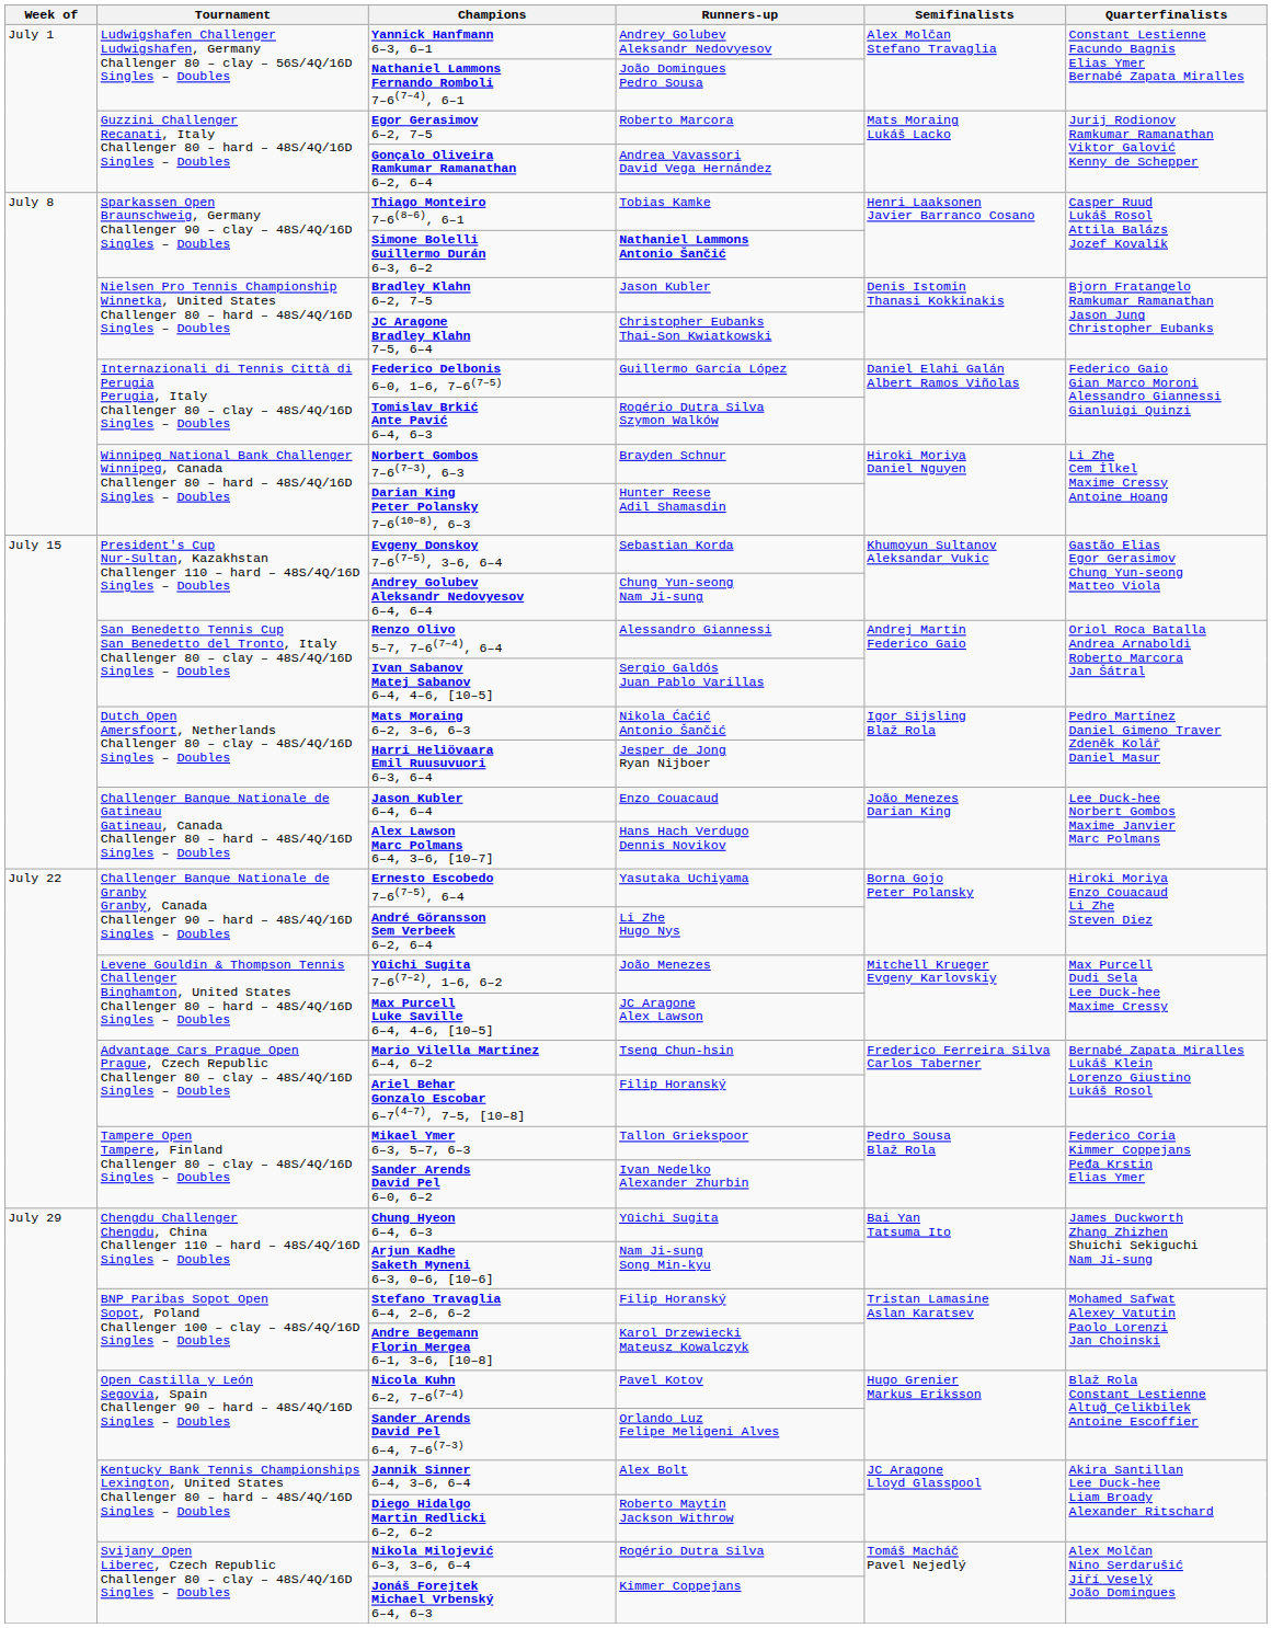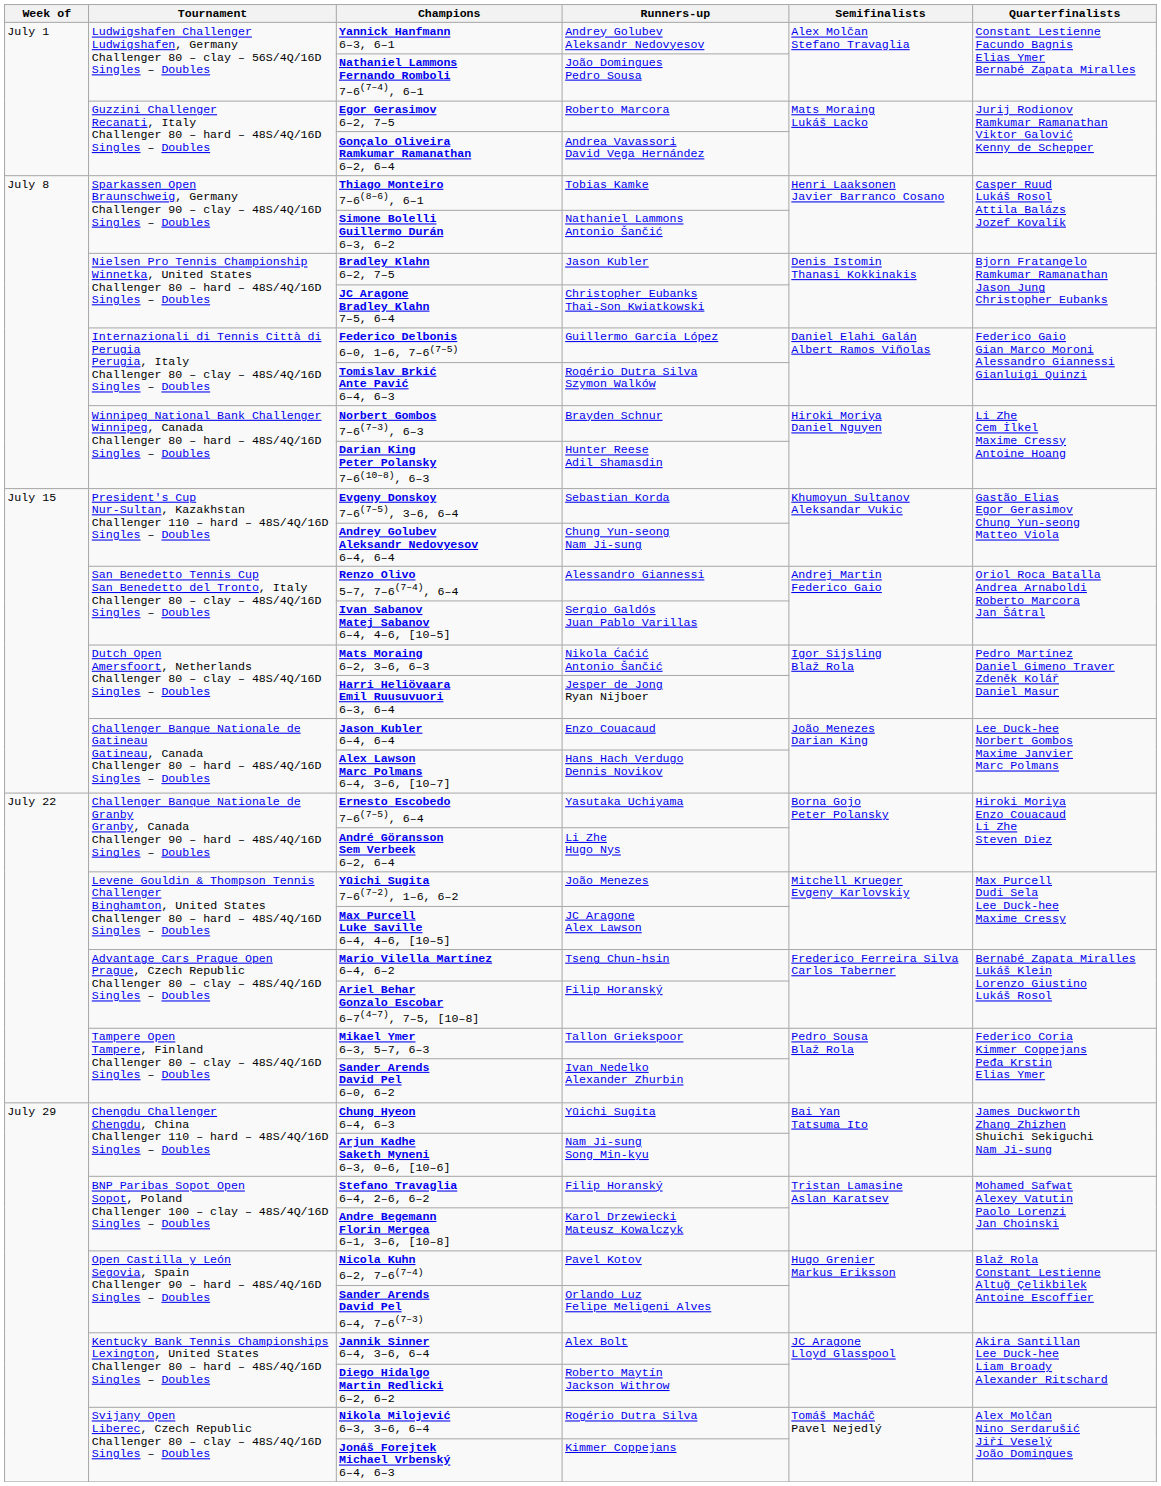 <table class="wikitable" style="font-size:85%;">
 <tr>
 <th width="75">Week of</th>
 <th width="230">Tournament</th>
 <th width="210">Champions</th>
 <th width="210">Runners-up</th>
 <th width="170">Semifinalists</th>
 <th width="170">Quarterfinalists</th>
 </tr>
 <tr valign=top>
 <td rowspan=4>July 1</td>
 <td rowspan=2><a href='#'>Ludwigshafen Challenger</a><br><a href='#'>Ludwigshafen</a>, Germany <br> Challenger 80 – clay – 56S/4Q/16D<br><a href='#'>Singles</a> – <a href='#'>Doubles</a></td>
 <td> <strong><a href='#'>Yannick Hanfmann</a></strong><br>6–3, 6–1</td>
 <td> <a href='#'>Andrey Golubev</a><br> <a href='#'>Aleksandr Nedovyesov</a></td>
 <td rowspan=2> <a href='#'>Alex Molčan</a> <br>  <a href='#'>Stefano Travaglia</a></td>
 <td rowspan=2> <a href='#'>Constant Lestienne</a> <br> <a href='#'>Facundo Bagnis</a> <br> <a href='#'>Elias Ymer</a> <br>  <a href='#'>Bernabé Zapata Miralles</a></td>
 </tr>
 <tr valign=top>
 <td> <strong><a href='#'>Nathaniel Lammons</a></strong><br> <strong><a href='#'>Fernando Romboli</a></strong><br>7–6<sup>(7–4)</sup>, 6–1</td>
 <td> <a href='#'>João Domingues</a><br> <a href='#'>Pedro Sousa</a></td>
 </tr>
 <tr valign=top>
 <td rowspan=2><a href='#'>Guzzini Challenger</a><br><a href='#'>Recanati</a>, Italy <br> Challenger 80 – hard – 48S/4Q/16D<br><a href='#'>Singles</a> – <a href='#'>Doubles</a></td>
 <td> <strong><a href='#'>Egor Gerasimov</a></strong><br>6–2, 7–5</td>
 <td> <a href='#'>Roberto Marcora</a></td>
 <td rowspan=2> <a href='#'>Mats Moraing</a> <br>  <a href='#'>Lukáš Lacko</a></td>
 <td rowspan=2> <a href='#'>Jurij Rodionov</a> <br> <a href='#'>Ramkumar Ramanathan</a> <br> <a href='#'>Viktor Galović</a> <br>  <a href='#'>Kenny de Schepper</a></td>
 </tr>
 <tr valign=top>
 <td> <strong><a href='#'>Gonçalo Oliveira</a></strong><br> <strong><a href='#'>Ramkumar Ramanathan</a></strong><br>6–2, 6–4</td>
 <td> <a href='#'>Andrea Vavassori</a><br> <a href='#'>David Vega Hernández</a></td>
 </tr>
 <tr valign=top>
 <td rowspan=8>July 8</td>
 <td rowspan=2><a href='#'>Sparkassen Open</a><br><a href='#'>Braunschweig</a>, Germany <br> Challenger 90 – clay – 48S/4Q/16D<br><a href='#'>Singles</a> – <a href='#'>Doubles</a></td>
 <td> <strong><a href='#'>Thiago Monteiro</a></strong><br>7–6<sup>(8–6)</sup>, 6–1</td>
 <td> <a href='#'>Tobias Kamke</a></td>
 <td rowspan=2> <a href='#'>Henri Laaksonen</a> <br>  <a href='#'>Javier Barranco Cosano</a></td>
 <td rowspan=2> <a href='#'>Casper Ruud</a> <br> <a href='#'>Lukáš Rosol</a> <br> <a href='#'>Attila Balázs</a> <br>  <a href='#'>Jozef Kovalík</a></td>
 </tr>
 <tr valign=top>
 <td> <strong><a href='#'>Simone Bolelli</a></strong><br> <strong><a href='#'>Guillermo Durán</a></strong><br>6–3, 6–2</td>
-<td><strong> <a href='#'>Nathaniel Lammons</a><br> <a href='#'>Antonio Šančić</a></strong></td>
+<td> <a href='#'>Nathaniel Lammons</a><br> <a href='#'>Antonio Šančić</a></td>
 </tr>
 <tr valign=top>
 <td rowspan=2><a href='#'>Nielsen Pro Tennis Championship</a><br><a href='#'>Winnetka</a>, United States <br> Challenger 80 – hard – 48S/4Q/16D<br><a href='#'>Singles</a> – <a href='#'>Doubles</a></td>
 <td> <strong><a href='#'>Bradley Klahn</a></strong><br>6–2, 7–5</td>
 <td> <a href='#'>Jason Kubler</a></td>
 <td rowspan=2> <a href='#'>Denis Istomin</a> <br>  <a href='#'>Thanasi Kokkinakis</a></td>
 <td rowspan=2> <a href='#'>Bjorn Fratangelo</a> <br> <a href='#'>Ramkumar Ramanathan</a> <br> <a href='#'>Jason Jung</a> <br>  <a href='#'>Christopher Eubanks</a></td>
 </tr>
 <tr valign=top>
 <td> <strong><a href='#'>JC Aragone</a></strong><br> <strong><a href='#'>Bradley Klahn</a></strong><br>7–5, 6–4</td>
 <td> <a href='#'>Christopher Eubanks</a><br> <a href='#'>Thai-Son Kwiatkowski</a></td>
 </tr>
 <tr valign=top>
 <td rowspan=2><a href='#'>Internazionali di Tennis Città di Perugia</a><br><a href='#'>Perugia</a>, Italy <br> Challenger 80 – clay – 48S/4Q/16D<br><a href='#'>Singles</a> – <a href='#'>Doubles</a></td>
 <td> <strong><a href='#'>Federico Delbonis</a></strong><br>6–0, 1–6, 7–6<sup>(7–5)</sup></td>
 <td> <a href='#'>Guillermo García López</a></td>
 <td rowspan=2> <a href='#'>Daniel Elahi Galán</a> <br>  <a href='#'>Albert Ramos Viñolas</a></td>
 <td rowspan=2> <a href='#'>Federico Gaio</a> <br> <a href='#'>Gian Marco Moroni</a> <br> <a href='#'>Alessandro Giannessi</a> <br>  <a href='#'>Gianluigi Quinzi</a></td>
 </tr>
 <tr valign=top>
 <td> <strong><a href='#'>Tomislav Brkić</a></strong><br> <strong><a href='#'>Ante Pavić</a></strong><br>6–4, 6–3</td>
 <td> <a href='#'>Rogério Dutra Silva</a><br> <a href='#'>Szymon Walków</a></td>
 </tr>
 <tr valign=top>
 <td rowspan=2><a href='#'>Winnipeg National Bank Challenger</a><br><a href='#'>Winnipeg</a>, Canada <br> Challenger 80 – hard – 48S/4Q/16D<br><a href='#'>Singles</a> – <a href='#'>Doubles</a></td>
 <td> <strong><a href='#'>Norbert Gombos</a></strong><br>7–6<sup>(7–3)</sup>, 6–3</td>
 <td> <a href='#'>Brayden Schnur</a></td>
 <td rowspan=2> <a href='#'>Hiroki Moriya</a> <br>  <a href='#'>Daniel Nguyen</a></td>
 <td rowspan=2> <a href='#'>Li Zhe</a> <br> <a href='#'>Cem İlkel</a> <br> <a href='#'>Maxime Cressy</a> <br>  <a href='#'>Antoine Hoang</a></td>
 </tr>
 <tr valign=top>
 <td> <strong><a href='#'>Darian King</a></strong><br> <strong><a href='#'>Peter Polansky</a></strong><br>7–6<sup>(10–8)</sup>, 6–3</td>
 <td> <a href='#'>Hunter Reese</a><br> <a href='#'>Adil Shamasdin</a></td>
 </tr>
 <tr valign=top>
 <td rowspan=8>July 15</td>
 <td rowspan=2><a href='#'>President's Cup</a><br><a href='#'>Nur-Sultan</a>, Kazakhstan <br> Challenger 110 – hard – 48S/4Q/16D<br><a href='#'>Singles</a> – <a href='#'>Doubles</a></td>
 <td> <strong><a href='#'>Evgeny Donskoy</a></strong><br>7–6<sup>(7–5)</sup>, 3–6, 6–4</td>
 <td> <a href='#'>Sebastian Korda</a></td>
 <td rowspan=2> <a href='#'>Khumoyun Sultanov</a> <br>  <a href='#'>Aleksandar Vukic</a></td>
 <td rowspan=2> <a href='#'>Gastão Elias</a> <br> <a href='#'>Egor Gerasimov</a> <br> <a href='#'>Chung Yun-seong</a> <br>  <a href='#'>Matteo Viola</a></td>
 </tr>
 <tr valign=top>
 <td> <strong><a href='#'>Andrey Golubev</a></strong><br> <strong><a href='#'>Aleksandr Nedovyesov</a></strong><br>6–4, 6–4</td>
 <td> <a href='#'>Chung Yun-seong</a><br> <a href='#'>Nam Ji-sung</a></td>
 </tr>
 <tr valign=top>
 <td rowspan=2><a href='#'>San Benedetto Tennis Cup</a><br><a href='#'>San Benedetto del Tronto</a>, Italy <br> Challenger 80 – clay – 48S/4Q/16D<br><a href='#'>Singles</a> – <a href='#'>Doubles</a></td>
 <td> <strong><a href='#'>Renzo Olivo</a></strong><br>5–7, 7–6<sup>(7–4)</sup>, 6–4</td>
 <td> <a href='#'>Alessandro Giannessi</a></td>
 <td rowspan=2> <a href='#'>Andrej Martin</a> <br>  <a href='#'>Federico Gaio</a></td>
 <td rowspan=2> <a href='#'>Oriol Roca Batalla</a> <br> <a href='#'>Andrea Arnaboldi</a> <br> <a href='#'>Roberto Marcora</a> <br>  <a href='#'>Jan Šátral</a></td>
 </tr>
 <tr valign=top>
 <td> <strong><a href='#'>Ivan Sabanov</a></strong><br> <strong><a href='#'>Matej Sabanov</a></strong><br>6–4, 4–6, [10–5]</td>
 <td> <a href='#'>Sergio Galdós</a><br> <a href='#'>Juan Pablo Varillas</a></td>
 </tr>
 <tr valign=top>
 <td rowspan=2><a href='#'>Dutch Open</a><br><a href='#'>Amersfoort</a>, Netherlands <br> Challenger 80 – clay – 48S/4Q/16D<br><a href='#'>Singles</a> – <a href='#'>Doubles</a></td>
 <td> <strong><a href='#'>Mats Moraing</a></strong><br>6–2, 3–6, 6–3</td>
 <td> <a href='#'>Nikola Ćaćić</a><br> <a href='#'>Antonio Šančić</a></td>
 <td rowspan=2> <a href='#'>Igor Sijsling</a> <br>  <a href='#'>Blaž Rola</a></td>
 <td rowspan=2> <a href='#'>Pedro Martínez</a> <br> <a href='#'>Daniel Gimeno Traver</a> <br> <a href='#'>Zdeněk Kolář</a> <br>  <a href='#'>Daniel Masur</a></td>
 </tr>
 <tr valign=top>
 <td> <strong><a href='#'>Harri Heliövaara</a></strong><br> <strong><a href='#'>Emil Ruusuvuori</a></strong><br>6–3, 6–4</td>
 <td> <a href='#'>Jesper de Jong</a><br> Ryan Nijboer</td>
 </tr>
 <tr valign=top>
 <td rowspan=2><a href='#'>Challenger Banque Nationale de Gatineau</a><br><a href='#'>Gatineau</a>, Canada <br> Challenger 80 – hard – 48S/4Q/16D<br><a href='#'>Singles</a> – <a href='#'>Doubles</a></td>
 <td> <strong><a href='#'>Jason Kubler</a></strong><br>6–4, 6–4</td>
 <td> <a href='#'>Enzo Couacaud</a></td>
 <td rowspan=2> <a href='#'>João Menezes</a> <br>  <a href='#'>Darian King</a></td>
 <td rowspan=2> <a href='#'>Lee Duck-hee</a> <br> <a href='#'>Norbert Gombos</a> <br> <a href='#'>Maxime Janvier</a> <br>  <a href='#'>Marc Polmans</a></td>
 </tr>
 <tr valign=top>
 <td> <strong><a href='#'>Alex Lawson</a></strong><br> <strong><a href='#'>Marc Polmans</a></strong><br>6–4, 3–6, [10–7]</td>
 <td> <a href='#'>Hans Hach Verdugo</a><br> <a href='#'>Dennis Novikov</a></td>
 </tr>
 <tr valign=top>
 <td rowspan=8>July 22</td>
 <td rowspan=2><a href='#'>Challenger Banque Nationale de Granby</a><br><a href='#'>Granby</a>, Canada <br> Challenger 90 – hard – 48S/4Q/16D<br><a href='#'>Singles</a> – <a href='#'>Doubles</a></td>
 <td> <strong><a href='#'>Ernesto Escobedo</a></strong><br>7–6<sup>(7–5)</sup>, 6–4</td>
 <td> <a href='#'>Yasutaka Uchiyama</a></td>
 <td rowspan=2> <a href='#'>Borna Gojo</a> <br>  <a href='#'>Peter Polansky</a></td>
 <td rowspan=2> <a href='#'>Hiroki Moriya</a> <br> <a href='#'>Enzo Couacaud</a> <br> <a href='#'>Li Zhe</a> <br>  <a href='#'>Steven Diez</a></td>
 </tr>
 <tr valign=top>
 <td> <strong><a href='#'>André Göransson</a></strong><br> <strong><a href='#'>Sem Verbeek</a></strong><br>6–2, 6–4</td>
 <td> <a href='#'>Li Zhe</a><br> <a href='#'>Hugo Nys</a></td>
 </tr>
 <tr valign=top>
 <td rowspan=2><a href='#'>Levene Gouldin & Thompson Tennis Challenger</a><br><a href='#'>Binghamton</a>, United States <br> Challenger 80 – hard – 48S/4Q/16D<br><a href='#'>Singles</a> – <a href='#'>Doubles</a></td>
 <td> <strong><a href='#'>Yūichi Sugita</a></strong><br>7–6<sup>(7–2)</sup>, 1–6, 6–2</td>
 <td> <a href='#'>João Menezes</a></td>
 <td rowspan=2> <a href='#'>Mitchell Krueger</a> <br>  <a href='#'>Evgeny Karlovskiy</a></td>
 <td rowspan=2> <a href='#'>Max Purcell</a> <br> <a href='#'>Dudi Sela</a> <br> <a href='#'>Lee Duck-hee</a> <br>  <a href='#'>Maxime Cressy</a></td>
 </tr>
 <tr valign=top>
 <td> <strong><a href='#'>Max Purcell</a></strong><br> <strong><a href='#'>Luke Saville</a></strong><br>6–4, 4–6, [10–5]</td>
 <td> <a href='#'>JC Aragone</a><br> <a href='#'>Alex Lawson</a></td>
 </tr>
 <tr valign=top>
 <td rowspan=2><a href='#'>Advantage Cars Prague Open</a><br><a href='#'>Prague</a>, Czech Republic <br> Challenger 80 – clay – 48S/4Q/16D<br><a href='#'>Singles</a> – <a href='#'>Doubles</a></td>
 <td> <strong><a href='#'>Mario Vilella Martínez</a></strong><br>6–4, 6–2</td>
 <td> <a href='#'>Tseng Chun-hsin</a></td>
 <td rowspan=2> <a href='#'>Frederico Ferreira Silva</a> <br>  <a href='#'>Carlos Taberner</a></td>
 <td rowspan=2> <a href='#'>Bernabé Zapata Miralles</a> <br> <a href='#'>Lukáš Klein</a> <br> <a href='#'>Lorenzo Giustino</a> <br>  <a href='#'>Lukáš Rosol</a></td>
 </tr>
 <tr valign=top>
 <td> <strong><a href='#'>Ariel Behar</a></strong><br> <strong><a href='#'>Gonzalo Escobar</a></strong><br>6–7<sup>(4–7)</sup>, 7–5, [10–8]</td>
 <td> <a href='#'>Filip Horanský</a></td>
 </tr>
 <tr valign=top>
 <td rowspan=2><a href='#'>Tampere Open</a><br><a href='#'>Tampere</a>, Finland <br> Challenger 80 – clay – 48S/4Q/16D<br><a href='#'>Singles</a> – <a href='#'>Doubles</a></td>
 <td> <strong><a href='#'>Mikael Ymer</a></strong><br>6–3, 5–7, 6–3</td>
 <td> <a href='#'>Tallon Griekspoor</a></td>
 <td rowspan=2> <a href='#'>Pedro Sousa</a> <br>  <a href='#'>Blaž Rola</a></td>
 <td rowspan=2> <a href='#'>Federico Coria</a> <br> <a href='#'>Kimmer Coppejans</a> <br> <a href='#'>Peđa Krstin</a> <br>  <a href='#'>Elias Ymer</a></td>
 </tr>
 <tr valign=top>
 <td> <strong><a href='#'>Sander Arends</a></strong><br> <strong><a href='#'>David Pel</a></strong><br>6–0, 6–2</td>
 <td> <a href='#'>Ivan Nedelko</a><br> <a href='#'>Alexander Zhurbin</a></td>
 </tr>
 <tr valign=top>
 <td rowspan=10>July 29</td>
 <td rowspan=2><a href='#'>Chengdu Challenger</a><br><a href='#'>Chengdu</a>, China <br> Challenger 110 – hard – 48S/4Q/16D<br><a href='#'>Singles</a> – <a href='#'>Doubles</a></td>
 <td> <strong><a href='#'>Chung Hyeon</a></strong><br>6–4, 6–3</td>
 <td> <a href='#'>Yūichi Sugita</a></td>
 <td rowspan=2> <a href='#'>Bai Yan</a> <br>  <a href='#'>Tatsuma Ito</a></td>
 <td rowspan=2> <a href='#'>James Duckworth</a> <br> <a href='#'>Zhang Zhizhen</a> <br> Shuichi Sekiguchi <br>  <a href='#'>Nam Ji-sung</a></td>
 </tr>
 <tr valign=top>
 <td> <strong><a href='#'>Arjun Kadhe</a></strong><br> <strong><a href='#'>Saketh Myneni</a></strong><br>6–3, 0–6, [10–6]</td>
 <td> <a href='#'>Nam Ji-sung</a><br> <a href='#'>Song Min-kyu</a></td>
 </tr>
 <tr valign=top>
 <td rowspan=2><a href='#'>BNP Paribas Sopot Open</a><br><a href='#'>Sopot</a>, Poland <br> Challenger 100 – clay – 48S/4Q/16D<br><a href='#'>Singles</a> – <a href='#'>Doubles</a></td>
 <td> <strong><a href='#'>Stefano Travaglia</a></strong><br>6–4, 2–6, 6–2</td>
 <td> <a href='#'>Filip Horanský</a></td>
 <td rowspan=2> <a href='#'>Tristan Lamasine</a> <br>  <a href='#'>Aslan Karatsev</a></td>
 <td rowspan=2> <a href='#'>Mohamed Safwat</a> <br> <a href='#'>Alexey Vatutin</a> <br> <a href='#'>Paolo Lorenzi</a> <br>  <a href='#'>Jan Choinski</a></td>
 </tr>
 <tr valign=top>
 <td> <strong><a href='#'>Andre Begemann</a></strong><br> <strong><a href='#'>Florin Mergea</a></strong><br>6–1, 3–6, [10–8]</td>
 <td> <a href='#'>Karol Drzewiecki</a><br> <a href='#'>Mateusz Kowalczyk</a></td>
 </tr>
 <tr valign=top>
 <td rowspan=2><a href='#'>Open Castilla y León</a><br><a href='#'>Segovia</a>, Spain <br> Challenger 90 – hard – 48S/4Q/16D<br><a href='#'>Singles</a> – <a href='#'>Doubles</a></td>
 <td> <strong><a href='#'>Nicola Kuhn</a></strong><br>6–2, 7–6<sup>(7–4)</sup></td>
 <td> <a href='#'>Pavel Kotov</a></td>
 <td rowspan=2> <a href='#'>Hugo Grenier</a> <br>  <a href='#'>Markus Eriksson</a></td>
 <td rowspan=2> <a href='#'>Blaž Rola</a> <br> <a href='#'>Constant Lestienne</a> <br> <a href='#'>Altuğ Çelikbilek</a> <br>  <a href='#'>Antoine Escoffier</a></td>
 </tr>
 <tr valign=top>
 <td> <strong><a href='#'>Sander Arends</a></strong><br> <strong><a href='#'>David Pel</a></strong><br>6–4, 7–6<sup>(7–3)</sup></td>
 <td> <a href='#'>Orlando Luz</a><br> <a href='#'>Felipe Meligeni Alves</a></td>
 </tr>
 <tr valign=top>
 <td rowspan=2><a href='#'>Kentucky Bank Tennis Championships</a><br><a href='#'>Lexington</a>, United States <br> Challenger 80 – hard – 48S/4Q/16D<br><a href='#'>Singles</a> – <a href='#'>Doubles</a></td>
 <td> <strong><a href='#'>Jannik Sinner</a></strong><br>6–4, 3–6, 6–4</td>
 <td> <a href='#'>Alex Bolt</a></td>
 <td rowspan=2> <a href='#'>JC Aragone</a> <br>  <a href='#'>Lloyd Glasspool</a></td>
 <td rowspan=2> <a href='#'>Akira Santillan</a> <br> <a href='#'>Lee Duck-hee</a> <br> <a href='#'>Liam Broady</a> <br>  <a href='#'>Alexander Ritschard</a></td>
 </tr>
 <tr valign=top>
 <td> <strong><a href='#'>Diego Hidalgo</a></strong><br> <strong><a href='#'>Martin Redlicki</a></strong><br>6–2, 6–2</td>
 <td> <a href='#'>Roberto Maytín</a><br> <a href='#'>Jackson Withrow</a></td>
 </tr>
 <tr valign=top>
 <td rowspan=2><a href='#'>Svijany Open</a><br><a href='#'>Liberec</a>, Czech Republic <br> Challenger 80 – clay – 48S/4Q/16D<br><a href='#'>Singles</a> – <a href='#'>Doubles</a></td>
 <td> <strong><a href='#'>Nikola Milojević</a></strong><br>6–3, 3–6, 6–4</td>
 <td> <a href='#'>Rogério Dutra Silva</a></td>
 <td rowspan=2> <a href='#'>Tomáš Macháč</a> <br>  Pavel Nejedlý</td>
 <td rowspan=2> <a href='#'>Alex Molčan</a> <br> <a href='#'>Nino Serdarušić</a> <br> <a href='#'>Jiří Veselý</a> <br>  <a href='#'>João Domingues</a></td>
 </tr>
 <tr valign=top>
 <td> <strong><a href='#'>Jonáš Forejtek</a></strong><br> <strong><a href='#'>Michael Vrbenský</a></strong><br>6–4, 6–3</td>
 <td> <a href='#'>Kimmer Coppejans</a></td>
 </tr>
 </table>
